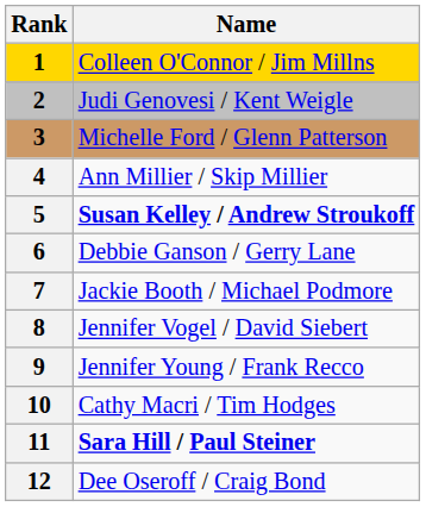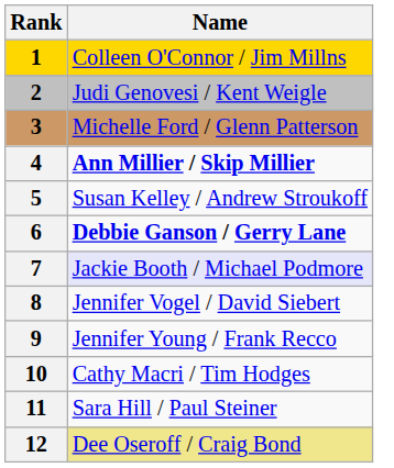 <table class="wikitable">
 <tr>
 <th>Rank</th>
 <th>Name</th>
 </tr>
 <tr bgcolor="gold">
 <td align="center"><strong>1</strong></td>
 <td><a href='#'>Colleen O'Connor</a> / <a href='#'>Jim Millns</a></td>
 </tr>
 <tr bgcolor="silver">
 <td align="center"><strong>2</strong></td>
 <td><a href='#'>Judi Genovesi</a> / <a href='#'>Kent Weigle</a></td>
 </tr>
 <tr bgcolor="cc9966">
 <td align="center"><strong>3</strong></td>
 <td><a href='#'>Michelle Ford</a> / <a href='#'>Glenn Patterson</a></td>
 </tr>
 <tr>
 <th>4</th>
-<td><a href='#'>Ann Millier</a> / <a href='#'>Skip Millier</a></td>
+<td><strong><a href='#'>Ann Millier</a> / <a href='#'>Skip Millier</a></strong></td>
 </tr>
 <tr>
 <th>5</th>
-<td><strong><a href='#'>Susan Kelley</a> / <a href='#'>Andrew Stroukoff</a></strong></td>
+<td><a href='#'>Susan Kelley</a> / <a href='#'>Andrew Stroukoff</a></td>
 </tr>
 <tr>
 <th>6</th>
-<td><a href='#'>Debbie Ganson</a> / <a href='#'>Gerry Lane</a></td>
+<td><strong><a href='#'>Debbie Ganson</a> / <a href='#'>Gerry Lane</a></strong></td>
 </tr>
 <tr>
 <th>7</th>
-<td><a href='#'>Jackie Booth</a> / <a href='#'>Michael Podmore</a></td>
+<td style="background: lavender;"><a href='#'>Jackie Booth</a> / <a href='#'>Michael Podmore</a></td>
 </tr>
 <tr>
 <th>8</th>
 <td><a href='#'>Jennifer Vogel</a> / <a href='#'>David Siebert</a></td>
 </tr>
 <tr>
 <th>9</th>
 <td><a href='#'>Jennifer Young</a> / <a href='#'>Frank Recco</a></td>
 </tr>
 <tr>
 <th>10</th>
 <td><a href='#'>Cathy Macri</a> / <a href='#'>Tim Hodges</a></td>
 </tr>
 <tr>
 <th>11</th>
-<td><strong><a href='#'>Sara Hill</a> / <a href='#'>Paul Steiner</a></strong></td>
+<td><a href='#'>Sara Hill</a> / <a href='#'>Paul Steiner</a></td>
 </tr>
 <tr>
 <th>12</th>
-<td><a href='#'>Dee Oseroff</a> / <a href='#'>Craig Bond</a></td>
+<td style="background: khaki;"><a href='#'>Dee Oseroff</a> / <a href='#'>Craig Bond</a></td>
 </tr>
 </table>
